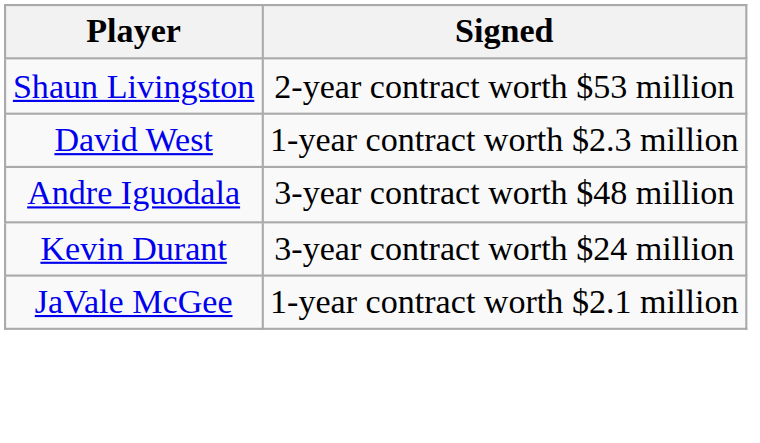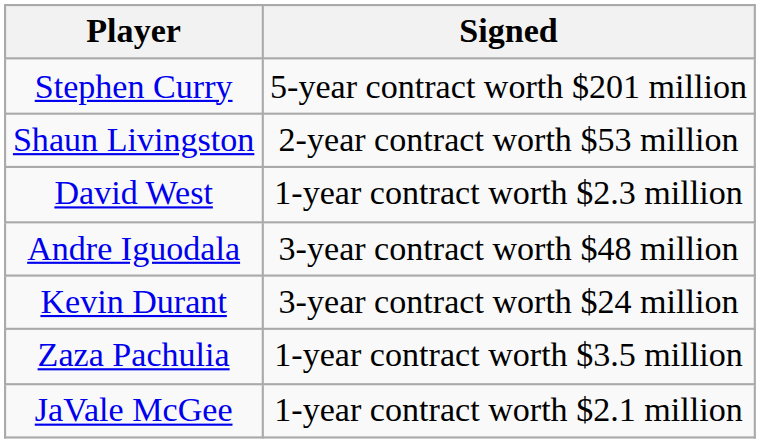 <table class="wikitable sortable sortable">
 <tr>
 <th>Player</th>
 <th>Signed</th>
+</tr>
+<tr style="text-align: center">
+<td><a href='#'>Stephen Curry</a></td>
+<td>5-year contract worth $201 million</td>
 </tr>
 <tr style="text-align: center">
 <td><a href='#'>Shaun Livingston</a></td>
 <td>2-year contract worth $53 million</td>
 </tr>
 <tr style="text-align: center">
 <td><a href='#'>David West</a></td>
 <td>1-year contract worth $2.3 million</td>
 </tr>
 <tr style="text-align: center">
 <td><a href='#'>Andre Iguodala</a></td>
 <td>3-year contract worth $48 million</td>
 </tr>
 <tr style="text-align: center">
 <td><a href='#'>Kevin Durant</a></td>
 <td>3-year contract worth $24 million</td>
 </tr>
 <tr style="text-align: center">
+<td><a href='#'>Zaza Pachulia</a></td>
+<td>1-year contract worth $3.5 million</td>
+</tr>
+<tr style="text-align: center">
 <td><a href='#'>JaVale McGee</a></td>
 <td>1-year contract worth $2.1 million</td>
 </tr>
 </table>
